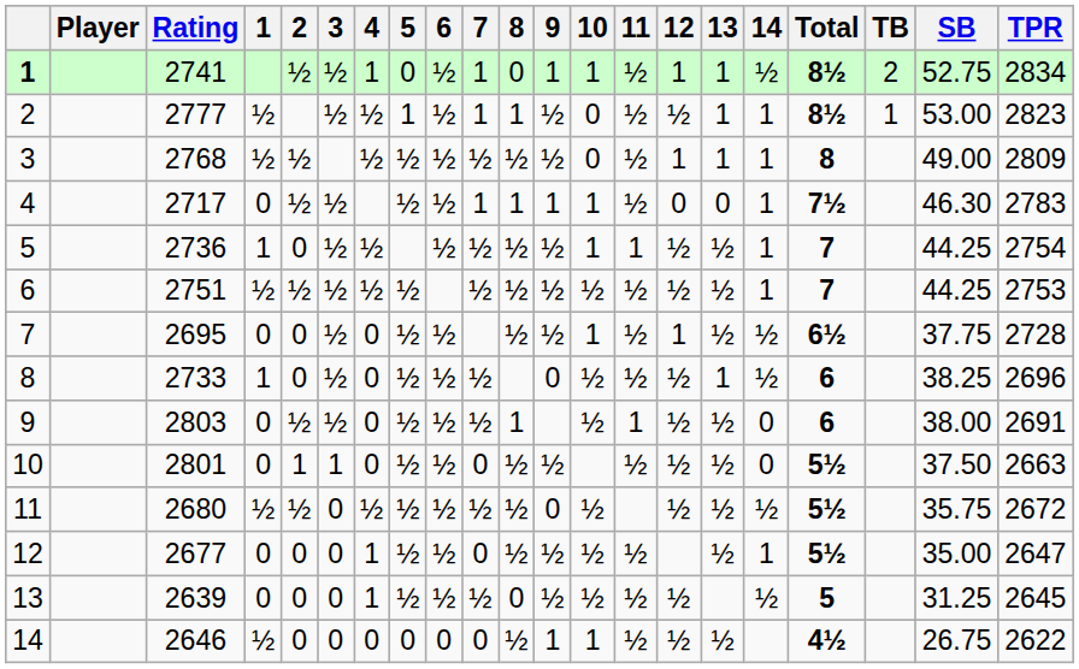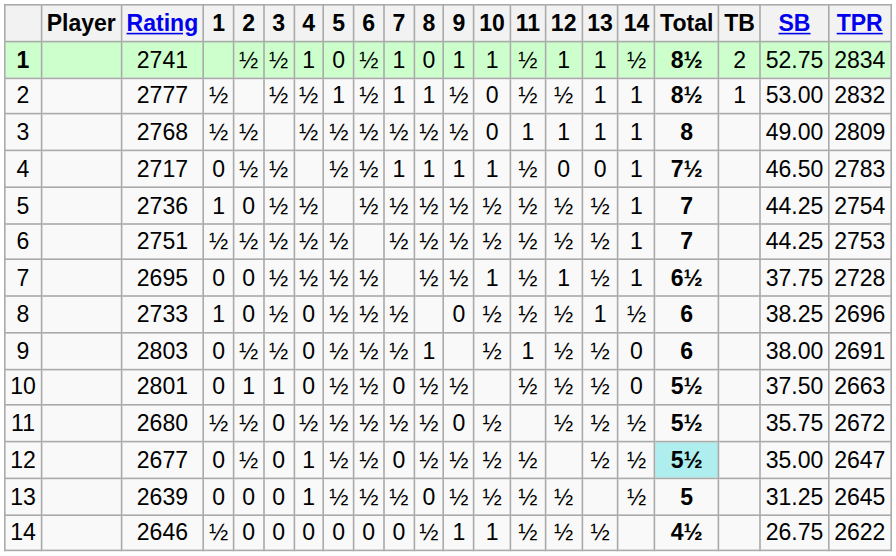 <table class="wikitable" style="font-size: 90%; text-align: center;">
 <tr>
 <th></th>
 <th>Player</th>
 <th><a href='#'>Rating</a></th>
 <th>1</th>
 <th>2</th>
 <th>3</th>
 <th>4</th>
 <th>5</th>
 <th>6</th>
 <th>7</th>
 <th>8</th>
 <th>9</th>
 <th>10</th>
 <th>11</th>
 <th>12</th>
 <th>13</th>
 <th>14</th>
 <th>Total</th>
 <th>TB</th>
 <th><a href='#'>SB</a></th>
 <th><a href='#'>TPR</a></th>
 </tr>
 <tr style="background:#ccffcc">
 <td><strong>1</strong></td>
 <td align="left"><strong></strong></td>
 <td>2741</td>
 <td></td>
 <td>½</td>
 <td>½</td>
 <td>1</td>
 <td>0</td>
 <td>½</td>
 <td>1</td>
 <td>0</td>
 <td>1</td>
 <td>1</td>
 <td>½</td>
 <td>1</td>
 <td>1</td>
 <td>½</td>
 <td><strong>8½</strong></td>
 <td>2</td>
 <td align="right">52.75</td>
 <td>2834</td>
 </tr>
 <tr>
 <td>2</td>
 <td align="left"></td>
 <td>2777</td>
 <td>½</td>
 <td></td>
 <td>½</td>
 <td>½</td>
 <td>1</td>
 <td>½</td>
 <td>1</td>
 <td>1</td>
 <td>½</td>
 <td>0</td>
 <td>½</td>
 <td>½</td>
 <td>1</td>
 <td>1</td>
 <td><strong>8½</strong></td>
 <td>1</td>
 <td align="right">53.00</td>
-<td>2823</td>
+<td>2832</td>
 </tr>
 <tr>
 <td>3</td>
 <td align="left"></td>
 <td>2768</td>
 <td>½</td>
 <td>½</td>
 <td></td>
 <td>½</td>
 <td>½</td>
 <td>½</td>
 <td>½</td>
 <td>½</td>
 <td>½</td>
 <td>0</td>
-<td>½</td>
+<td>1</td>
 <td>1</td>
 <td>1</td>
 <td>1</td>
 <td><strong>8</strong></td>
 <td></td>
 <td align="right">49.00</td>
 <td>2809</td>
 </tr>
 <tr>
 <td>4</td>
 <td align="left"></td>
 <td>2717</td>
 <td>0</td>
 <td>½</td>
 <td>½</td>
 <td></td>
 <td>½</td>
 <td>½</td>
 <td>1</td>
 <td>1</td>
 <td>1</td>
 <td>1</td>
 <td>½</td>
 <td>0</td>
 <td>0</td>
 <td>1</td>
 <td><strong>7½</strong></td>
 <td></td>
-<td align="right">46.30</td>
+<td align="right">46.50</td>
 <td>2783</td>
 </tr>
 <tr>
 <td>5</td>
 <td align="left"></td>
 <td>2736</td>
 <td>1</td>
 <td>0</td>
 <td>½</td>
 <td>½</td>
 <td></td>
 <td>½</td>
 <td>½</td>
 <td>½</td>
 <td>½</td>
-<td>1</td>
-<td>1</td>
+<td>½</td>
+<td>½</td>
 <td>½</td>
 <td>½</td>
 <td>1</td>
 <td><strong>7</strong></td>
 <td></td>
 <td align="right">44.25</td>
 <td>2754</td>
 </tr>
 <tr>
 <td>6</td>
 <td align="left"></td>
 <td>2751</td>
 <td>½</td>
 <td>½</td>
 <td>½</td>
 <td>½</td>
 <td>½</td>
 <td></td>
 <td>½</td>
 <td>½</td>
 <td>½</td>
 <td>½</td>
 <td>½</td>
 <td>½</td>
 <td>½</td>
 <td>1</td>
 <td><strong>7</strong></td>
 <td></td>
 <td align="right">44.25</td>
 <td>2753</td>
 </tr>
 <tr>
 <td>7</td>
 <td align="left"></td>
 <td>2695</td>
 <td>0</td>
 <td>0</td>
 <td>½</td>
-<td>0</td>
+<td>½</td>
 <td>½</td>
 <td>½</td>
 <td></td>
 <td>½</td>
 <td>½</td>
 <td>1</td>
 <td>½</td>
 <td>1</td>
 <td>½</td>
-<td>½</td>
+<td>1</td>
 <td><strong>6½</strong></td>
 <td></td>
 <td align="right">37.75</td>
 <td>2728</td>
 </tr>
 <tr>
 <td>8</td>
 <td align="left"></td>
 <td>2733</td>
 <td>1</td>
 <td>0</td>
 <td>½</td>
 <td>0</td>
 <td>½</td>
 <td>½</td>
 <td>½</td>
 <td></td>
 <td>0</td>
 <td>½</td>
 <td>½</td>
 <td>½</td>
 <td>1</td>
 <td>½</td>
 <td><strong>6</strong></td>
 <td></td>
 <td align="right">38.25</td>
 <td>2696</td>
 </tr>
 <tr>
 <td>9</td>
 <td align="left"></td>
 <td>2803</td>
 <td>0</td>
 <td>½</td>
 <td>½</td>
 <td>0</td>
 <td>½</td>
 <td>½</td>
 <td>½</td>
 <td>1</td>
 <td></td>
 <td>½</td>
 <td>1</td>
 <td>½</td>
 <td>½</td>
 <td>0</td>
 <td><strong>6</strong></td>
 <td></td>
 <td align="right">38.00</td>
 <td>2691</td>
 </tr>
 <tr>
 <td>10</td>
 <td align="left"></td>
 <td>2801</td>
 <td>0</td>
 <td>1</td>
 <td>1</td>
 <td>0</td>
 <td>½</td>
 <td>½</td>
 <td>0</td>
 <td>½</td>
 <td>½</td>
 <td></td>
 <td>½</td>
 <td>½</td>
 <td>½</td>
 <td>0</td>
 <td><strong>5½</strong></td>
 <td></td>
 <td align="right">37.50</td>
 <td>2663</td>
 </tr>
 <tr>
 <td>11</td>
 <td align="left"></td>
 <td>2680</td>
 <td>½</td>
 <td>½</td>
 <td>0</td>
 <td>½</td>
 <td>½</td>
 <td>½</td>
 <td>½</td>
 <td>½</td>
 <td>0</td>
 <td>½</td>
 <td></td>
 <td>½</td>
 <td>½</td>
 <td>½</td>
 <td><strong>5½</strong></td>
 <td></td>
 <td align="right">35.75</td>
 <td>2672</td>
 </tr>
 <tr>
 <td>12</td>
 <td align="left"></td>
 <td>2677</td>
 <td>0</td>
-<td>0</td>
+<td>½</td>
 <td>0</td>
 <td>1</td>
 <td>½</td>
 <td>½</td>
 <td>0</td>
 <td>½</td>
 <td>½</td>
 <td>½</td>
 <td>½</td>
 <td></td>
 <td>½</td>
-<td>1</td>
-<td><strong>5½</strong></td>
+<td>½</td>
+<td style="background: paleturquoise;"><strong>5½</strong></td>
 <td></td>
 <td align="right">35.00</td>
 <td>2647</td>
 </tr>
 <tr>
 <td>13</td>
 <td align="left"></td>
 <td>2639</td>
 <td>0</td>
 <td>0</td>
 <td>0</td>
 <td>1</td>
 <td>½</td>
 <td>½</td>
 <td>½</td>
 <td>0</td>
 <td>½</td>
 <td>½</td>
 <td>½</td>
 <td>½</td>
 <td></td>
 <td>½</td>
 <td><strong>5</strong></td>
 <td></td>
 <td align="right">31.25</td>
 <td>2645</td>
 </tr>
 <tr>
 <td>14</td>
 <td align="left"></td>
 <td>2646</td>
 <td>½</td>
 <td>0</td>
 <td>0</td>
 <td>0</td>
 <td>0</td>
 <td>0</td>
 <td>0</td>
 <td>½</td>
 <td>1</td>
 <td>1</td>
 <td>½</td>
 <td>½</td>
 <td>½</td>
 <td></td>
 <td><strong>4½</strong></td>
 <td></td>
 <td align="right">26.75</td>
 <td>2622</td>
 </tr>
 </table>
